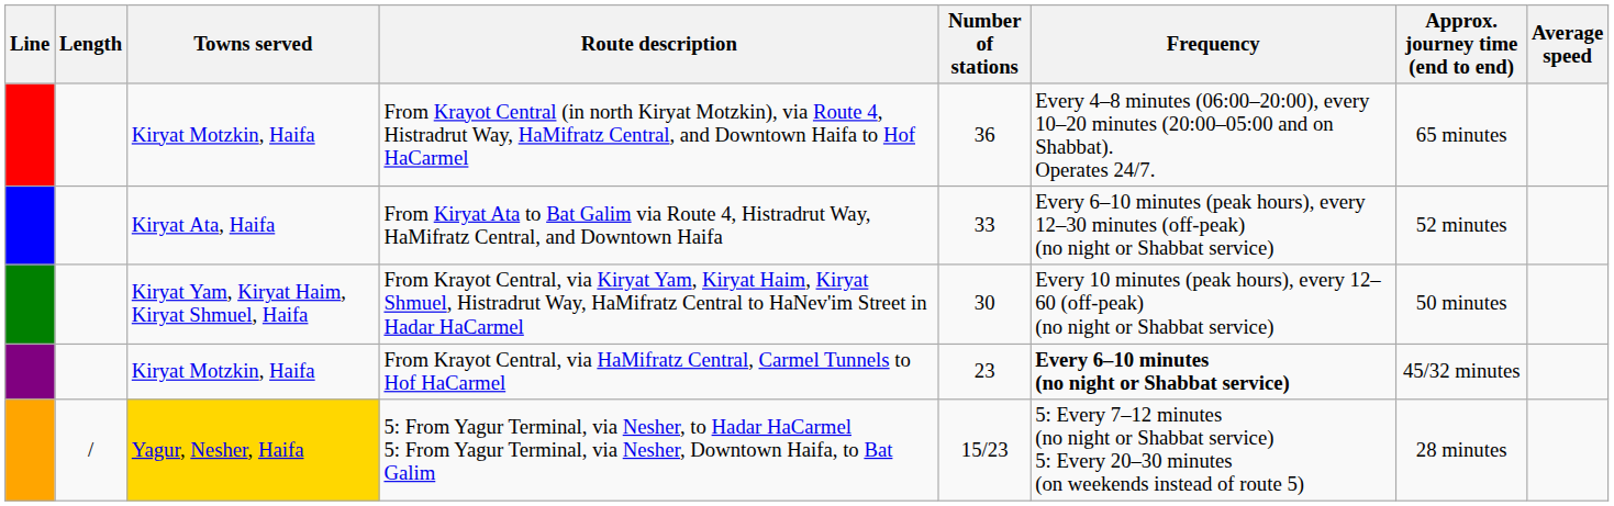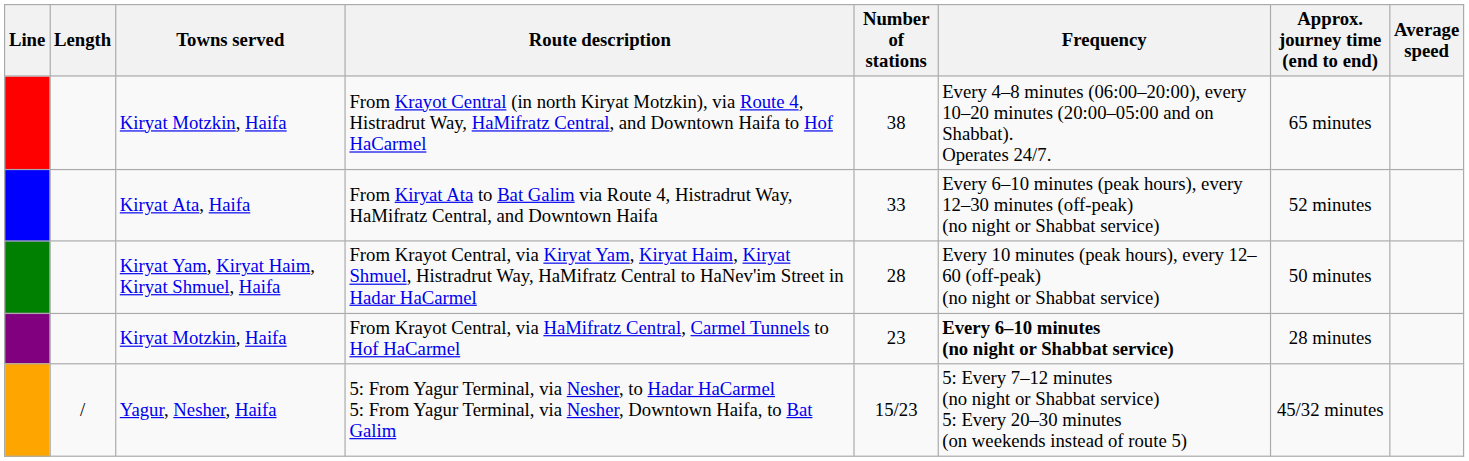 <table class="wikitable">
 <tr>
 <th>Line<br></th>
 <th>Length</th>
 <th>Towns served<br></th>
 <th>Route description</th>
 <th>Number of<br>stations</th>
 <th>Frequency</th>
 <th>Approx. journey time<br>(end to end)</th>
 <th>Average<br>speed<br></th>
 </tr>
 <tr>
 <td style="background: red; text-align: center"><strong></strong><br><small></small><br></td>
 <td style="text-align: center"></td>
 <td><a href='#'>Kiryat&nbsp;Motzkin</a>, <a href='#'>Haifa</a><br></td>
 <td>From <a href='#'>Krayot Central</a> (in north Kiryat Motzkin), via <a href='#'>Route 4</a>, Histradrut Way, <a href='#'>HaMifratz Central</a>, and Downtown Haifa to <a href='#'>Hof HaCarmel</a></td>
-<td style="text-align: center">36</td>
+<td style="text-align: center">38</td>
 <td>Every 4–8 minutes (06:00–20:00), every 10–20 minutes (20:00–05:00 and on Shabbat).<br>Operates 24/7.</td>
 <td style="text-align: center">65 minutes</td>
 <td style="text-align: center"><br></td>
 </tr>
 <tr>
 <td style="background: blue; text-align: center"><strong></strong><br><small></small><br></td>
 <td style="text-align: center"></td>
 <td><a href='#'>Kiryat&nbsp;Ata</a>, <a href='#'>Haifa</a><br></td>
 <td>From <a href='#'>Kiryat Ata</a> to <a href='#'>Bat Galim</a> via Route 4, Histradrut Way, HaMifratz Central, and Downtown Haifa</td>
 <td style="text-align: center">33</td>
 <td>Every 6–10 minutes (peak hours), every 12–30 minutes (off-peak)<br>(no night or Shabbat service)</td>
 <td style="text-align: center">52 minutes</td>
 <td style="text-align: center"><br></td>
 </tr>
 <tr>
 <td style="background: green; text-align: center"><strong></strong><br><small></small><br></td>
 <td style="text-align: center"></td>
 <td><a href='#'>Kiryat&nbsp;Yam</a>, <a href='#'>Kiryat&nbsp;Haim</a>, <a href='#'>Kiryat Shmuel</a>, <a href='#'>Haifa</a><br></td>
 <td>From Krayot Central, via <a href='#'>Kiryat Yam</a>, <a href='#'>Kiryat Haim</a>, <a href='#'>Kiryat Shmuel</a>, Histradrut Way, HaMifratz Central to HaNev'im Street in <a href='#'>Hadar HaCarmel</a></td>
-<td style="text-align: center">30</td>
+<td style="text-align: center">28</td>
 <td>Every 10 minutes (peak hours), every 12–60 (off-peak)<br>(no night or Shabbat service)</td>
 <td style="text-align: center">50 minutes</td>
 <td style="text-align: center"></td>
 </tr>
 <tr>
 <td style="background: purple; text-align: center"><strong></strong><br><small></small><br></td>
 <td style="text-align: center"></td>
 <td><a href='#'>Kiryat&nbsp;Motzkin</a>, <a href='#'>Haifa</a><br></td>
 <td>From Krayot Central, via <a href='#'>HaMifratz Central</a>, <a href='#'>Carmel Tunnels</a> to <a href='#'>Hof HaCarmel</a></td>
 <td style="text-align: center">23</td>
 <td><strong>Every 6–10 minutes<br>(no night or Shabbat service)</strong></td>
-<td style="text-align: center">45/32 minutes</td>
+<td style="text-align: center">28 minutes</td>
 <td></td>
 </tr>
 <tr>
 <td style="background: orange; text-align: center"><strong></strong><br><small></small><br></td>
 <td style="text-align: center">/<br></td>
-<td style="background: gold;"><a href='#'>Yagur</a>, <a href='#'>Nesher</a>, <a href='#'>Haifa</a><br></td>
+<td><a href='#'>Yagur</a>, <a href='#'>Nesher</a>, <a href='#'>Haifa</a><br></td>
 <td>5: From Yagur Terminal, via <a href='#'>Nesher</a>, to <a href='#'>Hadar HaCarmel</a><br>5: From Yagur Terminal, via <a href='#'>Nesher</a>, Downtown Haifa, to <a href='#'>Bat Galim</a></td>
 <td style="text-align: center">15/23</td>
 <td>5: Every 7–12 minutes<br>(no night or Shabbat service)<br>5: Every 20–30 minutes<br>(on weekends instead of route 5)</td>
-<td style="text-align: center">28 minutes</td>
+<td style="text-align: center">45/32 minutes</td>
 <td></td>
 </tr>
 </table>
